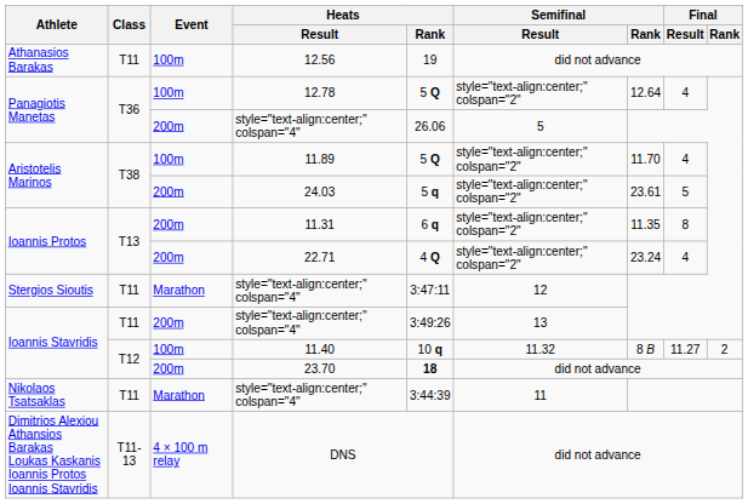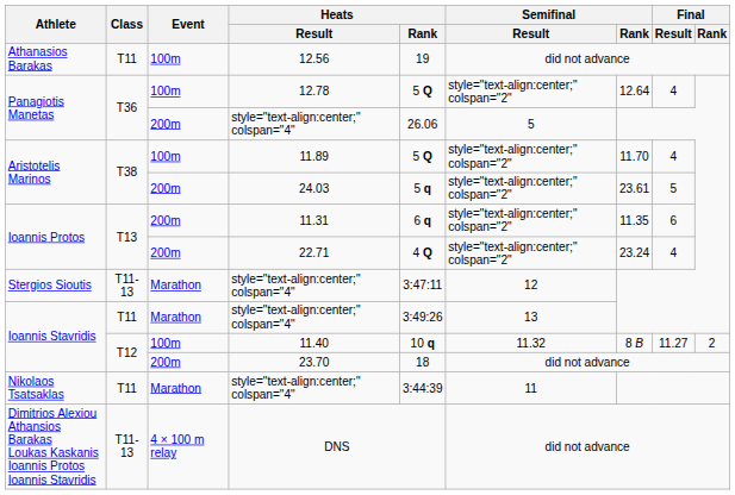 <table class=wikitable style="font-size:90%">
 <tr>
 <th rowspan="2">Athlete</th>
 <th rowspan="2">Class</th>
 <th rowspan="2">Event</th>
 <th colspan="2">Heats</th>
 <th colspan="2">Semifinal</th>
 <th colspan="2">Final</th>
 </tr>
 <tr>
 <th>Result</th>
 <th>Rank</th>
 <th>Result</th>
 <th>Rank</th>
 <th>Result</th>
 <th>Rank</th>
 </tr>
 <tr>
 <td><a href='#'>Athanasios Barakas</a></td>
 <td style="text-align:center;">T11</td>
 <td><a href='#'>100m</a></td>
 <td style="text-align:center;">12.56</td>
 <td style="text-align:center;">19</td>
 <td style="text-align:center;" colspan="4">did not advance</td>
 </tr>
 <tr>
 <td rowspan="2"><a href='#'>Panagiotis Manetas</a></td>
 <td rowspan="2" style="text-align:center;">T36</td>
 <td><a href='#'>100m</a></td>
 <td style="text-align:center;">12.78</td>
 <td style="text-align:center;">5 <strong>Q</strong></td>
 <td>style="text-align:center;" colspan="2" </td>
 <td style="text-align:center;">12.64</td>
 <td style="text-align:center;">4</td>
 </tr>
 <tr>
 <td><a href='#'>200m</a></td>
 <td>style="text-align:center;" colspan="4" </td>
 <td style="text-align:center;">26.06</td>
 <td style="text-align:center;">5</td>
 </tr>
 <tr>
 <td rowspan="2"><a href='#'>Aristotelis Marinos</a></td>
 <td rowspan="2" style="text-align:center;">T38</td>
 <td><a href='#'>100m</a></td>
 <td style="text-align:center;">11.89</td>
 <td style="text-align:center;">5 <strong>Q</strong></td>
 <td>style="text-align:center;" colspan="2" </td>
 <td style="text-align:center;">11.70</td>
 <td style="text-align:center;">4</td>
 </tr>
 <tr>
 <td><a href='#'>200m</a></td>
 <td style="text-align:center;">24.03</td>
 <td style="text-align:center;">5 <strong>q</strong></td>
 <td>style="text-align:center;" colspan="2" </td>
 <td style="text-align:center;">23.61</td>
 <td style="text-align:center;">5</td>
 </tr>
 <tr>
 <td rowspan="2"><a href='#'>Ioannis Protos</a></td>
 <td rowspan="2" style="text-align:center;">T13</td>
 <td><a href='#'>200m</a></td>
 <td style="text-align:center;">11.31</td>
 <td style="text-align:center;">6 <strong>q</strong></td>
 <td>style="text-align:center;" colspan="2" </td>
 <td style="text-align:center;">11.35</td>
-<td style="text-align:center;">8</td>
+<td style="text-align:center;">6</td>
 </tr>
 <tr>
 <td><a href='#'>200m</a></td>
 <td style="text-align:center;">22.71</td>
 <td style="text-align:center;">4 <strong>Q</strong></td>
 <td>style="text-align:center;" colspan="2" </td>
 <td style="text-align:center;">23.24</td>
 <td style="text-align:center;">4</td>
 </tr>
 <tr>
 <td><a href='#'>Stergios Sioutis</a></td>
-<td style="text-align:center;">T11</td>
+<td style="text-align:center;">T11-13</td>
 <td><a href='#'>Marathon</a></td>
 <td>style="text-align:center;" colspan="4" </td>
 <td style="text-align:center;">3:47:11</td>
 <td style="text-align:center;">12</td>
 </tr>
 <tr>
 <td rowspan="3"><a href='#'>Ioannis Stavridis</a></td>
 <td style="text-align:center;">T11</td>
-<td><a href='#'>200m</a></td>
+<td><a href='#'>Marathon</a></td>
 <td>style="text-align:center;" colspan="4" </td>
 <td style="text-align:center;">3:49:26</td>
 <td style="text-align:center;">13</td>
 </tr>
 <tr>
 <td rowspan="2" style="text-align:center;">T12</td>
 <td><a href='#'>100m</a></td>
 <td style="text-align:center;">11.40</td>
 <td style="text-align:center;">10 <strong>q</strong></td>
 <td style="text-align:center;">11.32</td>
 <td style="text-align:center;">8 <em>B</em></td>
 <td style="text-align:center;">11.27</td>
 <td style="text-align:center;">2</td>
 </tr>
 <tr>
 <td><a href='#'>200m</a></td>
 <td style="text-align:center;">23.70</td>
-<td style="text-align:center;"><strong>18</strong></td>
+<td style="text-align:center;">18</td>
 <td style="text-align:center;" colspan="4">did not advance</td>
 </tr>
 <tr>
 <td><a href='#'>Nikolaos Tsatsaklas</a></td>
 <td style="text-align:center;">T11</td>
 <td><a href='#'>Marathon</a></td>
 <td>style="text-align:center;" colspan="4" </td>
 <td style="text-align:center;">3:44:39</td>
 <td style="text-align:center;">11</td>
 </tr>
 <tr>
 <td><a href='#'>Dimitrios Alexiou</a><br> <a href='#'>Athansios Barakas</a><br> <a href='#'>Loukas Kaskanis</a><br> <a href='#'>Ioannis Protos</a><br> <a href='#'>Ioannis Stavridis</a></td>
 <td style="text-align:center;">T11-13</td>
 <td><a href='#'>4 × 100 m relay</a></td>
 <td style="text-align:center;" colspan="2">DNS</td>
 <td style="text-align:center;" colspan="4">did not advance</td>
 </tr>
 </table>
